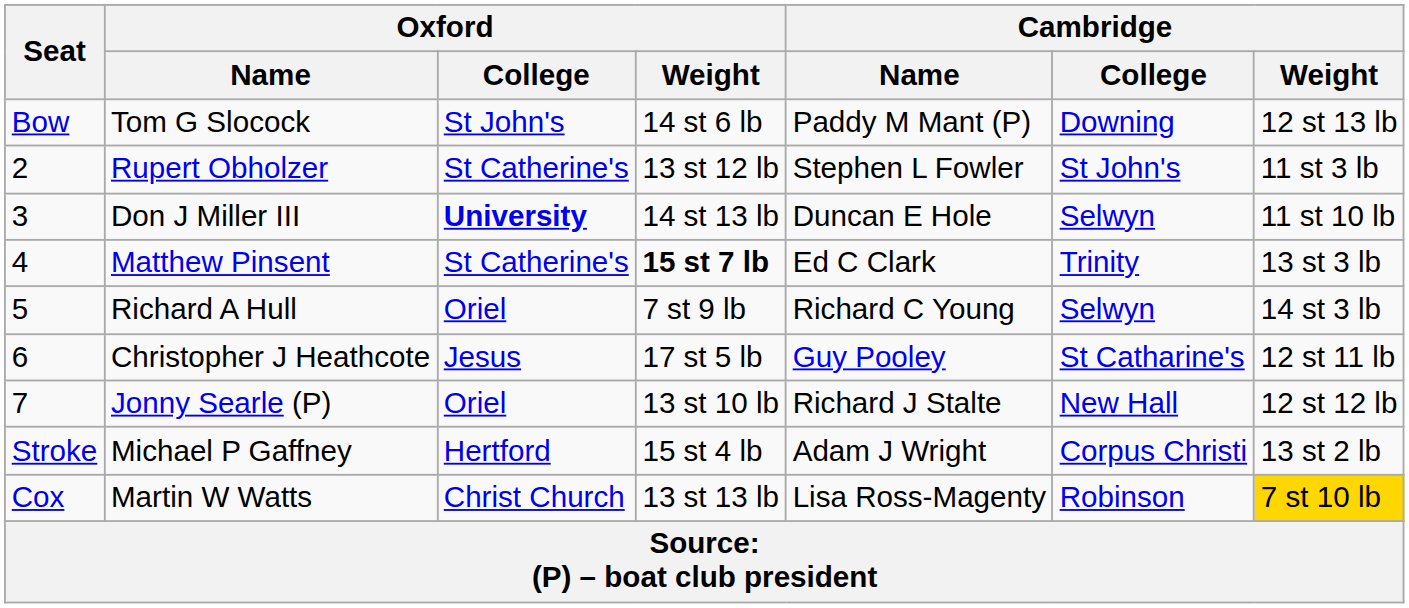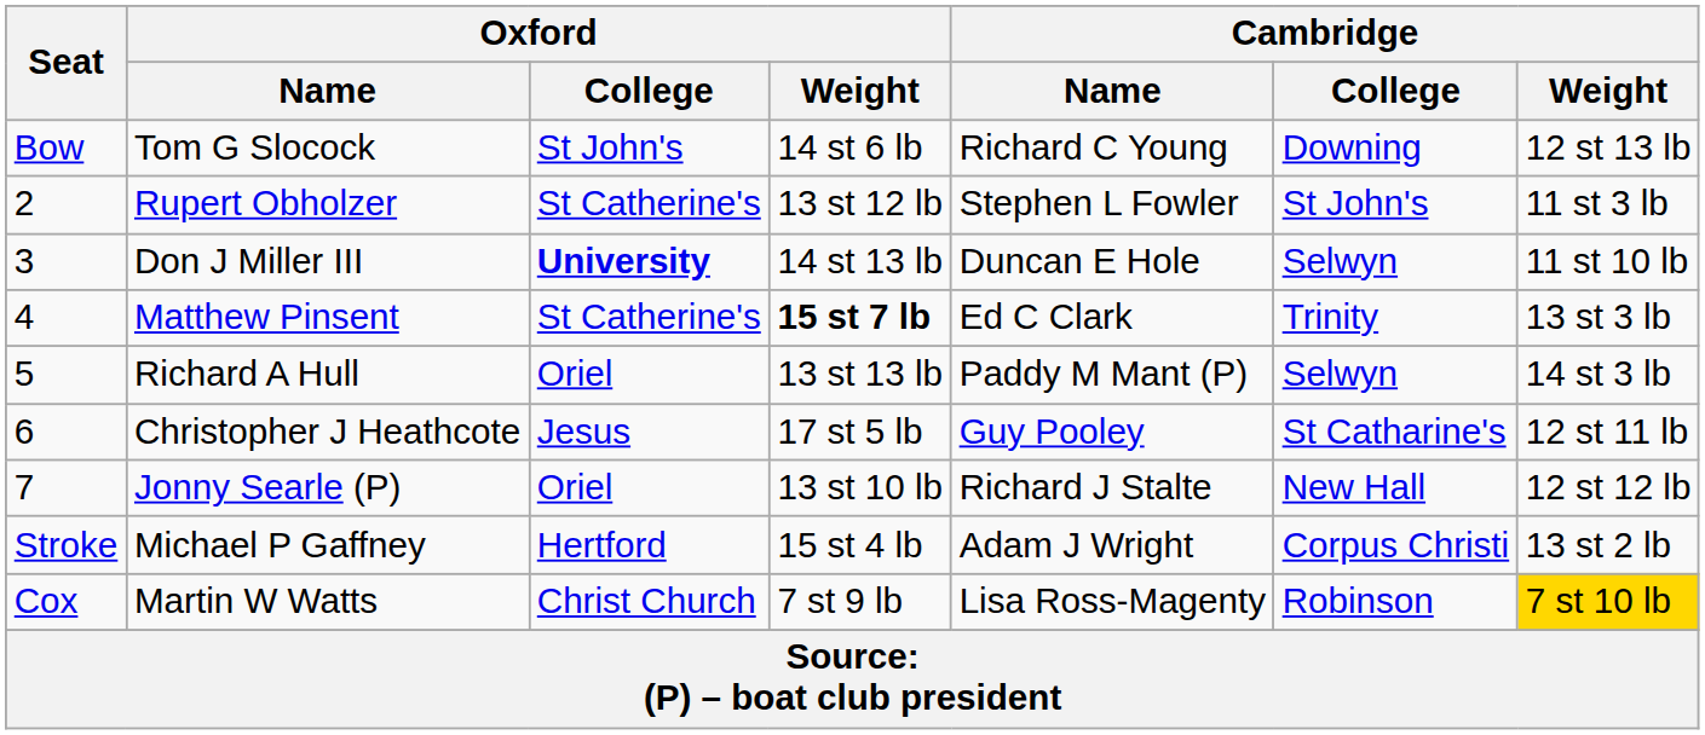 <table class="wikitable">
 <tr>
 <th rowspan="2" scope="col">Seat</th>
 <th colspan="3" scope="col">Oxford <br> </th>
 <th colspan="3" scope="col">Cambridge <br> </th>
 </tr>
 <tr>
 <th>Name</th>
 <th>College</th>
 <th>Weight</th>
 <th>Name</th>
 <th>College</th>
 <th>Weight</th>
 </tr>
 <tr>
 <td><a href='#'>Bow</a></td>
 <td>Tom G Slocock</td>
 <td><a href='#'>St John's</a></td>
 <td>14 st 6 lb</td>
-<td>Paddy M Mant (P)</td>
+<td>Richard C Young</td>
 <td><a href='#'>Downing</a></td>
 <td>12 st 13 lb</td>
 </tr>
 <tr>
 <td>2</td>
 <td><a href='#'>Rupert Obholzer</a></td>
 <td><a href='#'>St Catherine's</a></td>
 <td>13 st 12 lb</td>
 <td>Stephen L Fowler</td>
 <td><a href='#'>St John's</a></td>
 <td>11 st 3 lb</td>
 </tr>
 <tr>
 <td>3</td>
 <td>Don J Miller III</td>
 <td><strong><a href='#'>University</a></strong></td>
 <td>14 st 13 lb</td>
 <td>Duncan E Hole</td>
 <td><a href='#'>Selwyn</a></td>
 <td>11 st 10 lb</td>
 </tr>
 <tr>
 <td>4</td>
 <td><a href='#'>Matthew Pinsent</a></td>
 <td><a href='#'>St Catherine's</a></td>
 <td><strong>15 st 7 lb</strong></td>
 <td>Ed C Clark</td>
 <td><a href='#'>Trinity</a></td>
 <td>13 st 3 lb</td>
 </tr>
 <tr>
 <td>5</td>
 <td>Richard A Hull</td>
 <td><a href='#'>Oriel</a></td>
-<td>7 st 9 lb</td>
-<td>Richard C Young</td>
+<td>13 st 13 lb</td>
+<td>Paddy M Mant (P)</td>
 <td><a href='#'>Selwyn</a></td>
 <td>14 st 3 lb</td>
 </tr>
 <tr>
 <td>6</td>
 <td>Christopher J Heathcote</td>
 <td><a href='#'>Jesus</a></td>
 <td>17 st 5 lb</td>
 <td><a href='#'>Guy Pooley</a></td>
 <td><a href='#'>St Catharine's</a></td>
 <td>12 st 11 lb</td>
 </tr>
 <tr>
 <td>7</td>
 <td><a href='#'>Jonny Searle</a> (P)</td>
 <td><a href='#'>Oriel</a></td>
 <td>13 st 10 lb</td>
 <td>Richard J Stalte</td>
 <td><a href='#'>New Hall</a></td>
 <td>12 st 12 lb</td>
 </tr>
 <tr>
 <td><a href='#'>Stroke</a></td>
 <td>Michael P Gaffney</td>
 <td><a href='#'>Hertford</a></td>
 <td>15 st 4 lb</td>
 <td>Adam J Wright</td>
 <td><a href='#'>Corpus Christi</a></td>
 <td>13 st 2 lb</td>
 </tr>
 <tr>
 <td><a href='#'>Cox</a></td>
 <td>Martin W Watts</td>
 <td><a href='#'>Christ Church</a></td>
-<td>13 st 13 lb</td>
+<td>7 st 9 lb</td>
 <td>Lisa Ross-Magenty</td>
 <td><a href='#'>Robinson</a></td>
 <td style="background: gold;">7 st 10 lb</td>
 </tr>
 <tr>
 <th colspan="7">Source:<br>(P) – boat club president</th>
 </tr>
 </table>
